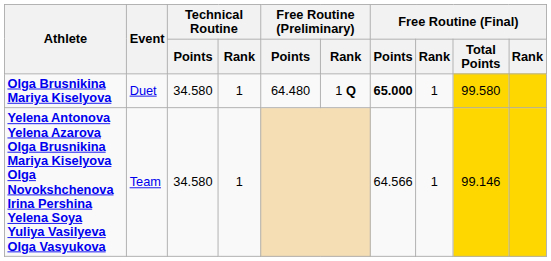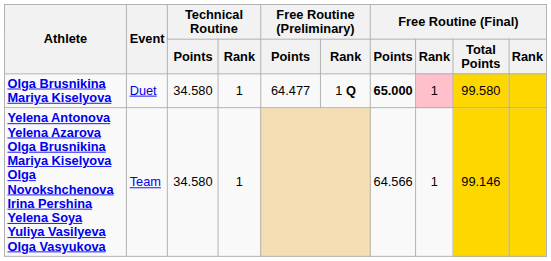 <table class=wikitable style="font-size:90%">
 <tr>
 <th rowspan="2">Athlete</th>
 <th rowspan="2">Event</th>
 <th colspan="2">Technical Routine</th>
 <th colspan="2">Free Routine (Preliminary)</th>
 <th colspan="4">Free Routine (Final)</th>
 </tr>
 <tr>
 <th>Points</th>
 <th>Rank</th>
 <th>Points</th>
 <th>Rank</th>
 <th>Points</th>
 <th>Rank</th>
 <th>Total Points</th>
 <th>Rank</th>
 </tr>
 <tr>
 <td><strong><a href='#'>Olga Brusnikina</a><br><a href='#'>Mariya Kiselyova</a></strong></td>
 <td><a href='#'>Duet</a></td>
 <td align=center>34.580</td>
 <td align=center>1</td>
-<td align=center>64.480</td>
+<td align=center>64.477</td>
 <td align=center>1 <strong>Q</strong></td>
 <td align=center><strong>65.000</strong></td>
-<td align=center>1</td>
+<td align=center style="background: pink;">1</td>
 <td align=center bgcolor=gold>99.580</td>
 <td align=center bgcolor=gold></td>
 </tr>
 <tr>
 <td><strong><a href='#'>Yelena Antonova</a><br><a href='#'>Yelena Azarova</a><br><a href='#'>Olga Brusnikina</a><br><a href='#'>Mariya Kiselyova</a><br><a href='#'>Olga Novokshchenova</a><br><a href='#'>Irina Pershina</a><br><a href='#'>Yelena Soya</a><br><a href='#'>Yuliya Vasilyeva</a><br><a href='#'>Olga Vasyukova</a></strong></td>
 <td><a href='#'>Team</a></td>
 <td align=center>34.580</td>
 <td align=center>1</td>
 <td colspan ="2" bgcolor = "wheat"></td>
 <td align=center>64.566</td>
 <td align=center>1</td>
 <td align=center bgcolor=gold>99.146</td>
 <td align=center bgcolor=gold></td>
 </tr>
 </table>
